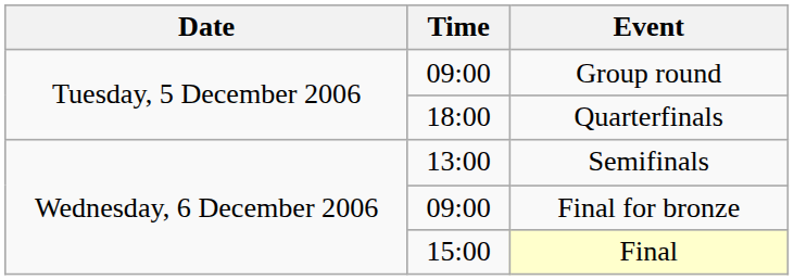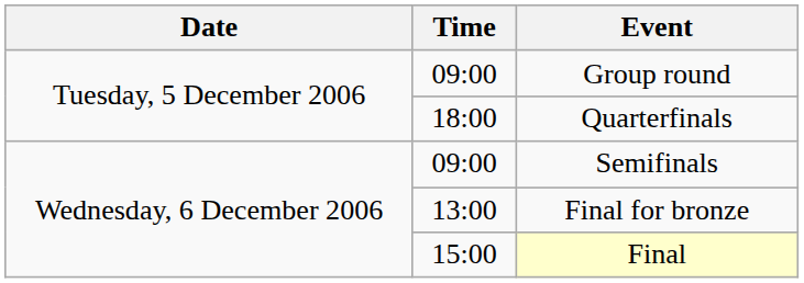 <table class = "wikitable" style="text-align:center;">
 <tr>
 <th width=220>Date</th>
 <th width=50>Time</th>
 <th width=150>Event</th>
 </tr>
 <tr>
 <td rowspan=2>Tuesday, 5 December 2006</td>
 <td>09:00</td>
 <td>Group round</td>
 </tr>
 <tr>
 <td>18:00</td>
 <td>Quarterfinals</td>
 </tr>
 <tr>
 <td rowspan=3>Wednesday, 6 December 2006</td>
-<td>13:00</td>
+<td>09:00</td>
 <td>Semifinals</td>
 </tr>
 <tr>
-<td>09:00</td>
+<td>13:00</td>
 <td>Final for bronze</td>
 </tr>
 <tr>
 <td>15:00</td>
 <td bgcolor=ffffcc>Final</td>
 </tr>
 </table>
